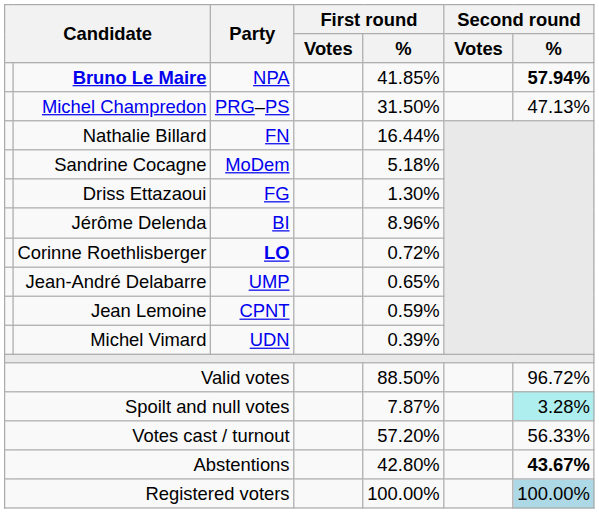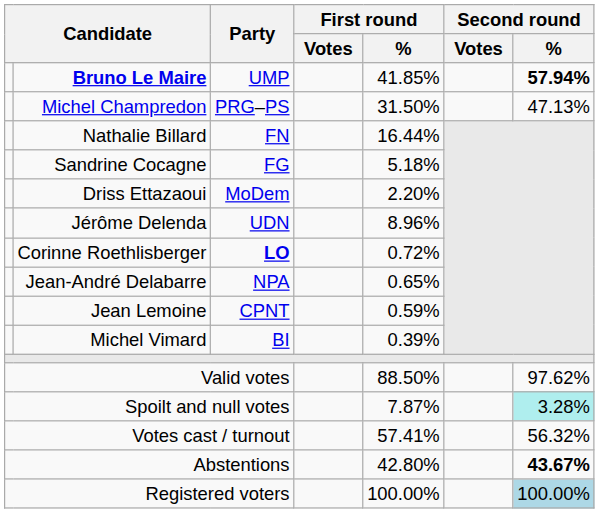 <table class="wikitable" style="text-align:right;font-size:95%;">
 <tr>
 <th rowspan=2 colspan=2>Candidate</th>
 <th rowspan=2 colspan=1>Party</th>
 <th colspan=2>First round</th>
 <th colspan=2>Second round</th>
 </tr>
 <tr>
 <th style="width:50px;">Votes</th>
 <th style="width:55px;">%</th>
 <th style="width:50px;">Votes</th>
 <th style="width:55px;">%</th>
 </tr>
 <tr>
 <td style="color:inherit;background-color:"></td>
 <td><strong><a href='#'>Bruno Le Maire</a></strong></td>
-<td><a href='#'>NPA</a></td>
+<td><a href='#'>UMP</a></td>
 <td></td>
 <td>41.85%</td>
 <td><strong></strong></td>
 <td><strong>57.94%</strong></td>
 </tr>
 <tr>
 <td style="color:inherit;background-color:"></td>
 <td><a href='#'>Michel Champredon</a></td>
 <td><a href='#'>PRG</a>–<a href='#'>PS</a></td>
 <td></td>
 <td>31.50%</td>
 <td></td>
 <td>47.13%</td>
 </tr>
 <tr>
 <td style="color:inherit;background-color:"></td>
 <td>Nathalie Billard</td>
 <td><a href='#'>FN</a></td>
 <td></td>
 <td>16.44%</td>
 <td colspan=7 rowspan=8 style="background-color:#E9E9E9;"></td>
 </tr>
 <tr>
 <td style="color:inherit;background-color:"></td>
 <td>Sandrine Cocagne</td>
-<td><a href='#'>MoDem</a></td>
+<td><a href='#'>FG</a></td>
 <td></td>
 <td>5.18%</td>
 </tr>
 <tr>
 <td style="color:inherit;background-color:"></td>
 <td>Driss Ettazaoui</td>
-<td><a href='#'>FG</a></td>
+<td><a href='#'>MoDem</a></td>
 <td></td>
-<td>1.30%</td>
+<td>2.20%</td>
 </tr>
 <tr>
 <td style="color:inherit;background-color:"></td>
 <td>Jérôme Delenda</td>
-<td><a href='#'>BI</a></td>
+<td><a href='#'>UDN</a></td>
 <td></td>
 <td>8.96%</td>
 </tr>
 <tr>
 <td style="color:inherit;background-color:"></td>
 <td>Corinne Roethlisberger</td>
 <td><strong><a href='#'>LO</a></strong></td>
 <td></td>
 <td>0.72%</td>
 </tr>
 <tr>
 <td style="color:inherit;background-color:"></td>
 <td>Jean-André Delabarre</td>
-<td><a href='#'>UMP</a></td>
+<td><a href='#'>NPA</a></td>
 <td></td>
 <td>0.65%</td>
 </tr>
 <tr>
 <td style="color:inherit;background-color:"></td>
 <td>Jean Lemoine</td>
 <td><a href='#'>CPNT</a></td>
 <td></td>
 <td>0.59%</td>
 </tr>
 <tr>
 <td style="color:inherit;background-color:"></td>
 <td>Michel Vimard</td>
-<td><a href='#'>UDN</a></td>
+<td><a href='#'>BI</a></td>
 <td></td>
 <td>0.39%</td>
 </tr>
 <tr>
 <td colspan=7 style="background-color:#E9E9E9;"></td>
 </tr>
 <tr>
 <td colspan=3>Valid votes</td>
 <td></td>
 <td>88.50%</td>
 <td></td>
-<td>96.72%</td>
+<td>97.62%</td>
 </tr>
 <tr>
 <td colspan=3>Spoilt and null votes</td>
 <td></td>
 <td>7.87%</td>
 <td></td>
 <td style="background: paleturquoise;">3.28%</td>
 </tr>
 <tr>
 <td colspan=3>Votes cast / turnout</td>
 <td></td>
-<td>57.20%</td>
+<td>57.41%</td>
 <td></td>
-<td>56.33%</td>
+<td>56.32%</td>
 </tr>
 <tr>
 <td colspan=3>Abstentions</td>
 <td></td>
 <td>42.80%</td>
 <td></td>
 <td><strong>43.67%</strong></td>
 </tr>
 <tr>
 <td colspan=3>Registered voters</td>
 <td></td>
 <td>100.00%</td>
 <td></td>
 <td style="background: lightblue;">100.00%</td>
 </tr>
 </table>
